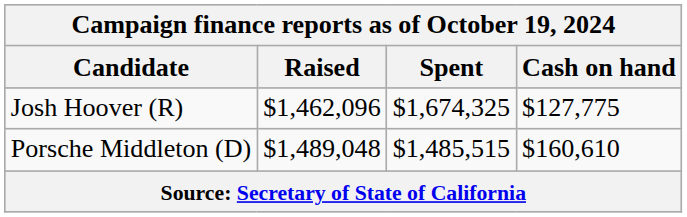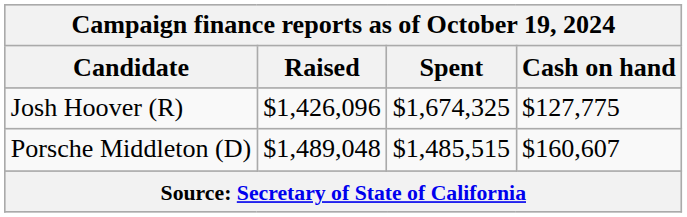 <table class="wikitable sortable">
 <tr>
 <th colspan=4>Campaign finance reports as of October 19, 2024</th>
 </tr>
 <tr style="text-align:center;">
 <th>Candidate</th>
 <th>Raised</th>
 <th>Spent</th>
 <th>Cash on hand</th>
 </tr>
 <tr>
 <td style="background-color:">Josh Hoover (R)</td>
-<td>$1,462,096</td>
+<td>$1,426,096</td>
 <td>$1,674,325</td>
 <td>$127,775</td>
 </tr>
 <tr>
 <td style="color:black;background-color:">Porsche Middleton (D)</td>
 <td>$1,489,048</td>
 <td>$1,485,515</td>
-<td>$160,610</td>
+<td>$160,607</td>
 </tr>
 <tr>
 <th colspan="4"><small>Source: <a href='#'>Secretary of State of California</a></small></th>
 </tr>
 </table>
